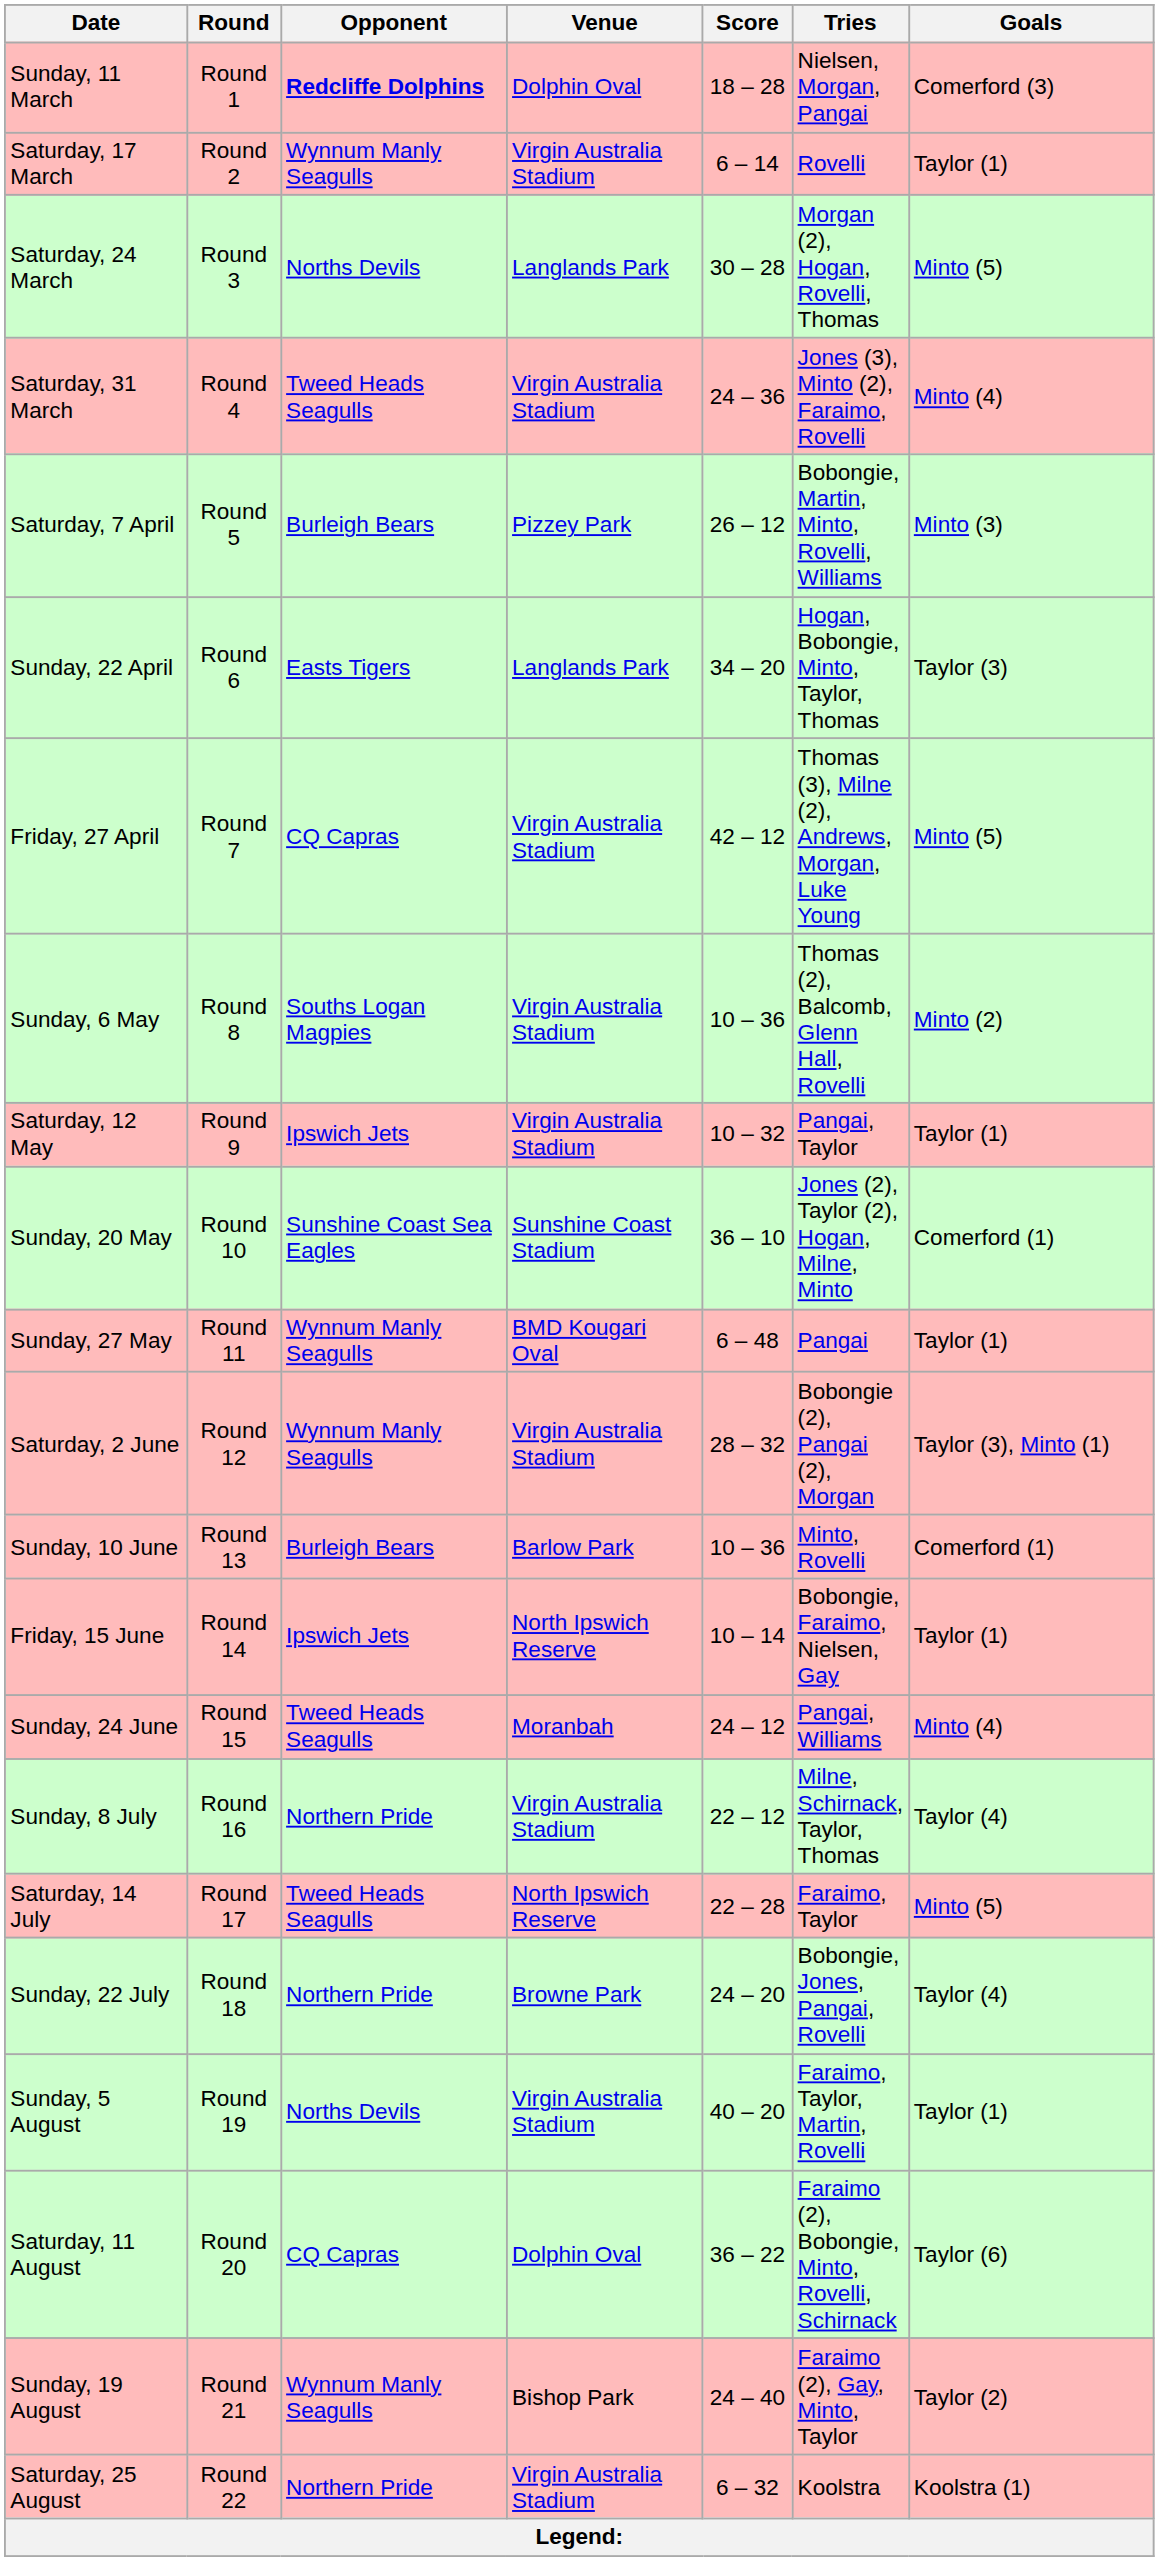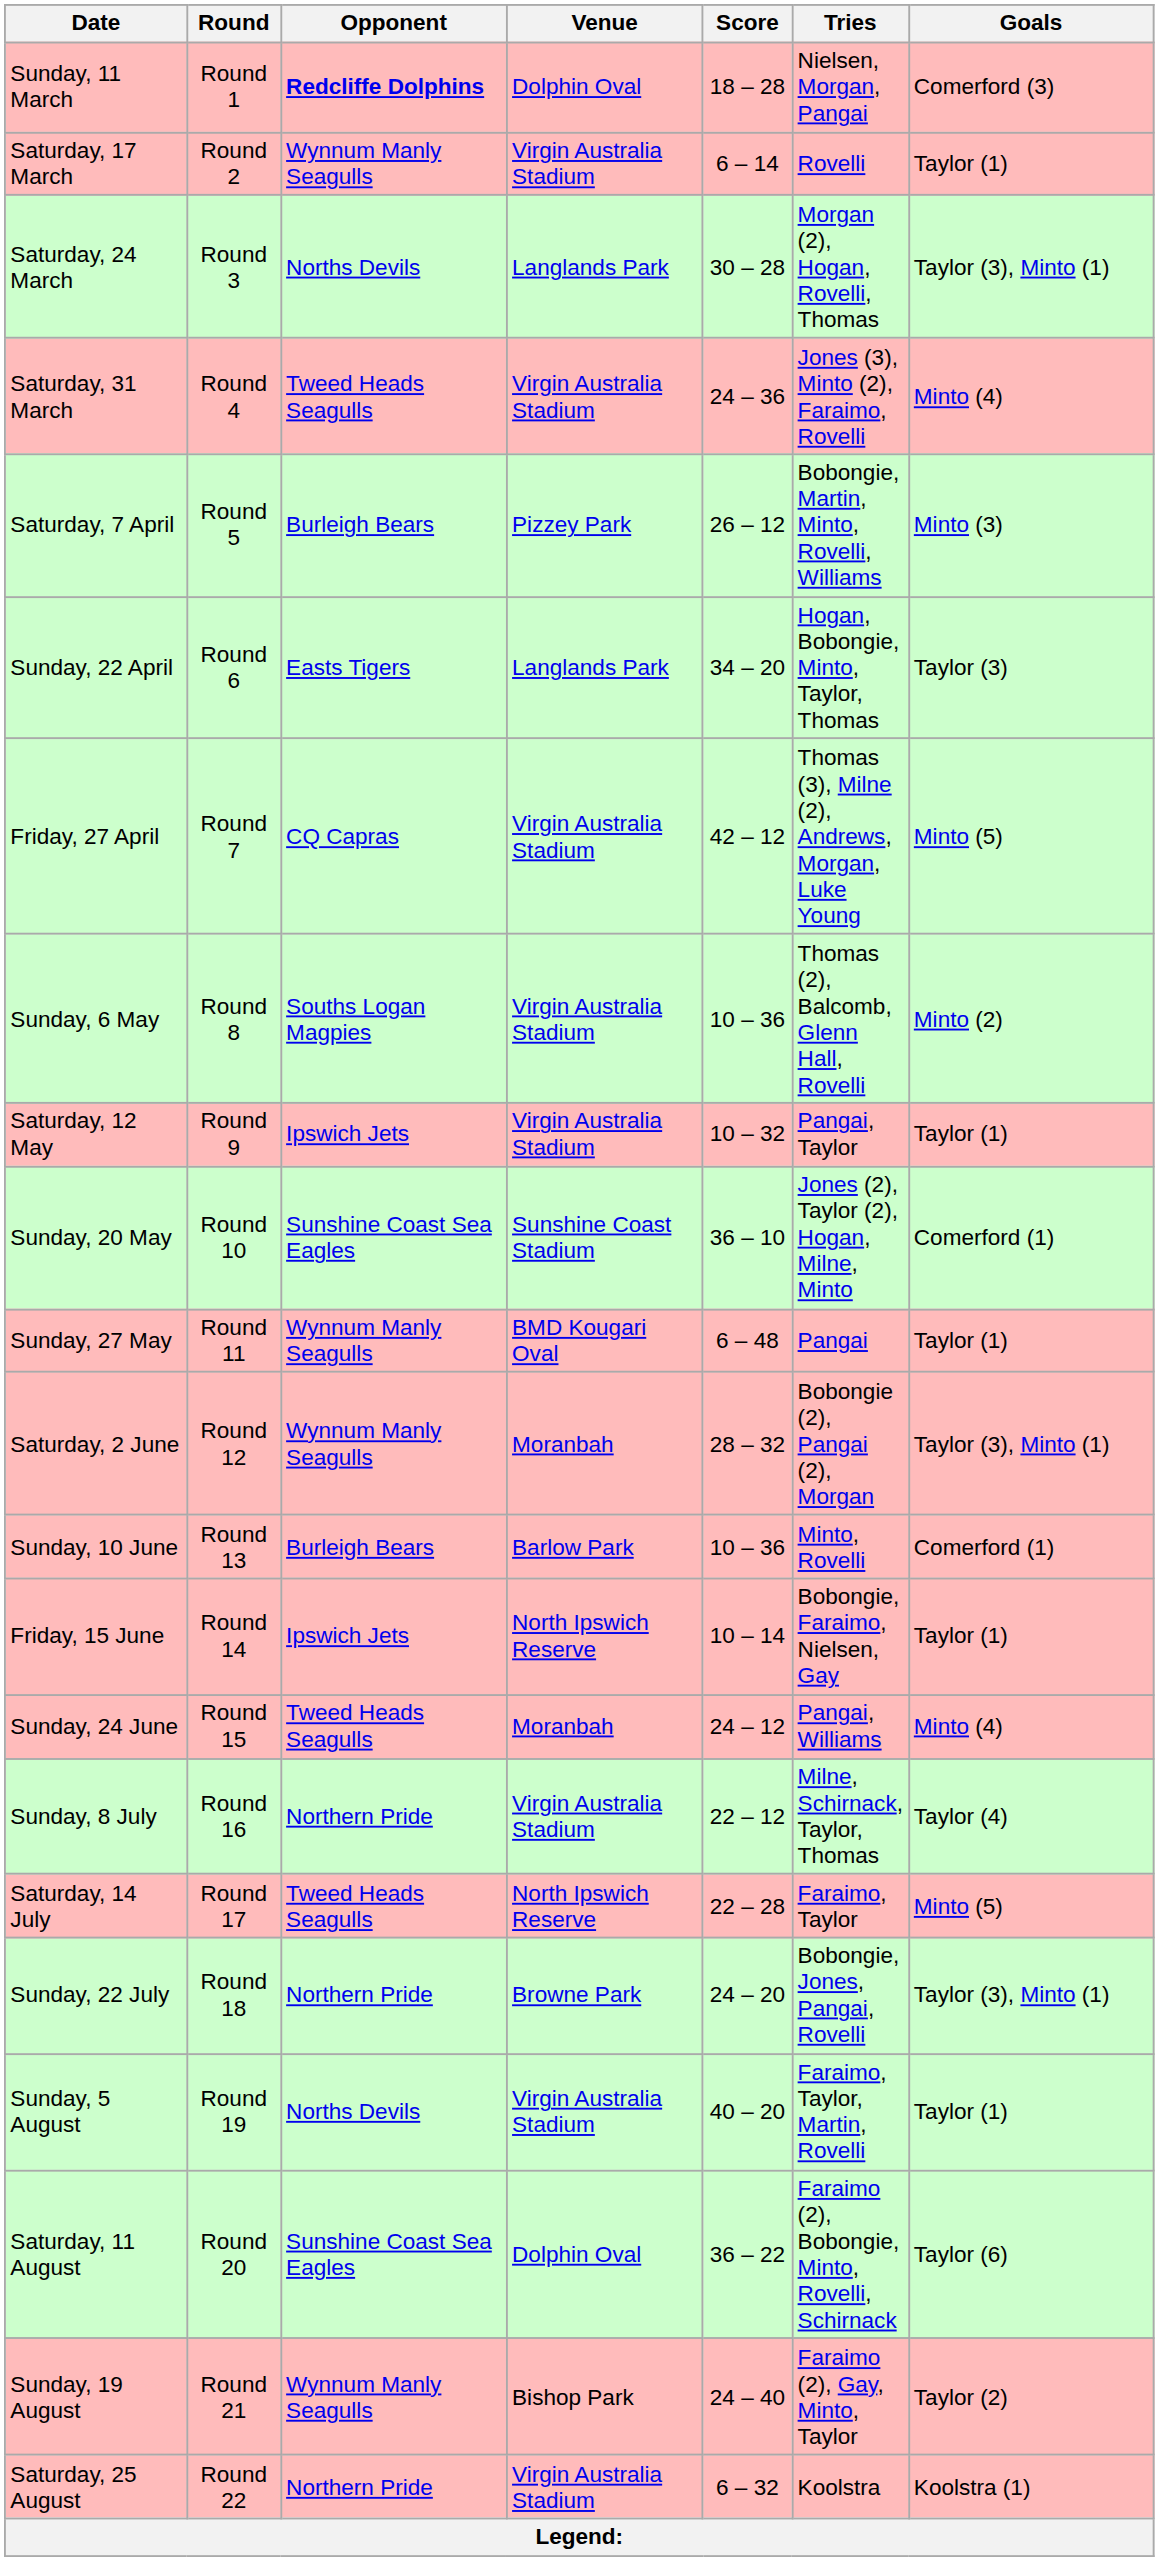 <table class="wikitable" style="font-size:75%;">
 <tr>
 <th style="width:130px;">Date</th>
 <th style="width:50px;">Round</th>
 <th style="width:170px;">Opponent</th>
 <th style="width:140px;">Venue</th>
 <th style="width:50px;">Score</th>
 <th style="width:300x;">Tries</th>
 <th style="width:190px;">Goals</th>
 </tr>
 <tr style="background:#FFBBBB">
 <td>Sunday, 11 March</td>
 <td style="text-align:center;">Round 1</td>
 <td><strong> <a href='#'>Redcliffe Dolphins</a></strong></td>
 <td><a href='#'>Dolphin Oval</a></td>
 <td style="text-align:center;">18 – 28</td>
 <td>Nielsen, <a href='#'>Morgan</a>, <a href='#'>Pangai</a></td>
 <td>Comerford (3)</td>
 </tr>
 <tr style="background:#FFBBBB">
 <td>Saturday, 17 March</td>
 <td style="text-align:center;">Round 2</td>
 <td> <a href='#'>Wynnum Manly Seagulls</a></td>
 <td><a href='#'>Virgin Australia Stadium</a></td>
 <td style="text-align:center;">6 – 14</td>
 <td><a href='#'>Rovelli</a></td>
 <td>Taylor (1)</td>
 </tr>
 <tr style="background:#CCFFCC">
 <td>Saturday, 24 March</td>
 <td style="text-align:center;">Round 3</td>
 <td> <a href='#'>Norths Devils</a></td>
 <td><a href='#'>Langlands Park</a></td>
 <td style="text-align:center;">30 – 28</td>
 <td><a href='#'>Morgan</a> (2), <a href='#'>Hogan</a>, <a href='#'>Rovelli</a>, Thomas</td>
-<td><a href='#'>Minto</a> (5)</td>
+<td>Taylor (3), <a href='#'>Minto</a> (1)</td>
 </tr>
 <tr style="background:#FFBBBB">
 <td>Saturday, 31 March</td>
 <td style="text-align:center;">Round 4</td>
 <td> <a href='#'>Tweed Heads Seagulls</a></td>
 <td><a href='#'>Virgin Australia Stadium</a></td>
 <td style="text-align:center;">24 – 36</td>
 <td><a href='#'>Jones</a> (3), <a href='#'>Minto</a> (2), <a href='#'>Faraimo</a>, <a href='#'>Rovelli</a></td>
 <td><a href='#'>Minto</a> (4)</td>
 </tr>
 <tr style="background:#CCFFCC">
 <td>Saturday, 7 April</td>
 <td style="text-align:center;">Round 5</td>
 <td> <a href='#'>Burleigh Bears</a></td>
 <td><a href='#'>Pizzey Park</a></td>
 <td style="text-align:center;">26 – 12</td>
 <td>Bobongie, <a href='#'>Martin</a>, <a href='#'>Minto</a>, <a href='#'>Rovelli</a>, <a href='#'>Williams</a></td>
 <td><a href='#'>Minto</a> (3)</td>
 </tr>
 <tr style="background:#CCFFCC">
 <td>Sunday, 22 April</td>
 <td style="text-align:center;">Round 6</td>
 <td> <a href='#'>Easts Tigers</a></td>
 <td><a href='#'>Langlands Park</a></td>
 <td style="text-align:center;">34 – 20</td>
 <td><a href='#'>Hogan</a>, Bobongie, <a href='#'>Minto</a>, Taylor, Thomas</td>
 <td>Taylor (3)</td>
 </tr>
 <tr style="background:#CCFFCC">
 <td>Friday, 27 April</td>
 <td style="text-align:center;">Round 7</td>
 <td> <a href='#'>CQ Capras</a></td>
 <td><a href='#'>Virgin Australia Stadium</a></td>
 <td style="text-align:center;">42 – 12</td>
 <td>Thomas (3), <a href='#'>Milne</a> (2), <a href='#'>Andrews</a>, <a href='#'>Morgan</a>, <a href='#'>Luke Young</a></td>
 <td><a href='#'>Minto</a> (5)</td>
 </tr>
 <tr style="background:#CCFFCC">
 <td>Sunday, 6 May</td>
 <td style="text-align:center;">Round 8</td>
 <td> <a href='#'>Souths Logan Magpies</a></td>
 <td><a href='#'>Virgin Australia Stadium</a></td>
 <td style="text-align:center;">10 – 36</td>
 <td>Thomas (2), Balcomb, <a href='#'>Glenn Hall</a>, <a href='#'>Rovelli</a></td>
 <td><a href='#'>Minto</a> (2)</td>
 </tr>
 <tr style="background:#FFBBBB">
 <td>Saturday, 12 May</td>
 <td style="text-align:center;">Round 9</td>
 <td> <a href='#'>Ipswich Jets</a></td>
 <td><a href='#'>Virgin Australia Stadium</a></td>
 <td style="text-align:center;">10 – 32</td>
 <td><a href='#'>Pangai</a>, Taylor</td>
 <td>Taylor (1)</td>
 </tr>
 <tr style="background:#CCFFCC">
 <td>Sunday, 20 May</td>
 <td style="text-align:center;">Round 10</td>
 <td> <a href='#'>Sunshine Coast Sea Eagles</a></td>
 <td><a href='#'>Sunshine Coast Stadium</a></td>
 <td style="text-align:center;">36 – 10</td>
 <td><a href='#'>Jones</a> (2), Taylor (2), <a href='#'>Hogan</a>, <a href='#'>Milne</a>, <a href='#'>Minto</a></td>
 <td>Comerford (1)</td>
 </tr>
 <tr style="background:#FFBBBB">
 <td>Sunday, 27 May</td>
 <td style="text-align:center;">Round 11</td>
 <td> <a href='#'>Wynnum Manly Seagulls</a></td>
 <td><a href='#'>BMD Kougari Oval</a></td>
 <td style="text-align:center;">6 – 48</td>
 <td><a href='#'>Pangai</a></td>
 <td>Taylor (1)</td>
 </tr>
 <tr style="background:#FFBBBB">
 <td>Saturday, 2 June</td>
 <td style="text-align:center;">Round 12</td>
 <td> <a href='#'>Wynnum Manly Seagulls</a></td>
-<td><a href='#'>Virgin Australia Stadium</a></td>
+<td><a href='#'>Moranbah</a></td>
 <td style="text-align:center;">28 – 32</td>
 <td>Bobongie (2), <a href='#'>Pangai</a> (2), <a href='#'>Morgan</a></td>
 <td>Taylor (3), <a href='#'>Minto</a> (1)</td>
 </tr>
 <tr style="background:#FFBBBB">
 <td>Sunday, 10 June</td>
 <td style="text-align:center;">Round 13</td>
 <td> <a href='#'>Burleigh Bears</a></td>
 <td><a href='#'>Barlow Park</a></td>
 <td style="text-align:center;">10 – 36</td>
 <td><a href='#'>Minto</a>, <a href='#'>Rovelli</a></td>
 <td>Comerford (1)</td>
 </tr>
 <tr style="background:#FFBBBB">
 <td>Friday, 15 June</td>
 <td style="text-align:center;">Round 14</td>
 <td> <a href='#'>Ipswich Jets</a></td>
 <td><a href='#'>North Ipswich Reserve</a></td>
 <td style="text-align:center;">10 – 14</td>
 <td>Bobongie, <a href='#'>Faraimo</a>, Nielsen, <a href='#'>Gay</a></td>
 <td>Taylor (1)</td>
 </tr>
 <tr style="background:#FFBBBB">
 <td>Sunday, 24 June</td>
 <td style="text-align:center;">Round 15</td>
 <td> <a href='#'>Tweed Heads Seagulls</a></td>
 <td><a href='#'>Moranbah</a></td>
 <td style="text-align:center;">24 – 12</td>
 <td><a href='#'>Pangai</a>, <a href='#'>Williams</a></td>
 <td><a href='#'>Minto</a> (4)</td>
 </tr>
 <tr style="background:#CCFFCC">
 <td>Sunday, 8 July</td>
 <td style="text-align:center;">Round 16</td>
 <td> <a href='#'>Northern Pride</a></td>
 <td><a href='#'>Virgin Australia Stadium</a></td>
 <td style="text-align:center;">22 – 12</td>
 <td><a href='#'>Milne</a>, <a href='#'>Schirnack</a>, Taylor, Thomas</td>
 <td>Taylor (4)</td>
 </tr>
 <tr style="background:#FFBBBB">
 <td>Saturday, 14 July</td>
 <td style="text-align:center;">Round 17</td>
 <td> <a href='#'>Tweed Heads Seagulls</a></td>
 <td><a href='#'>North Ipswich Reserve</a></td>
 <td style="text-align:center;">22 – 28</td>
 <td><a href='#'>Faraimo</a>, Taylor</td>
 <td><a href='#'>Minto</a> (5)</td>
 </tr>
 <tr style="background:#CCFFCC">
 <td>Sunday, 22 July</td>
 <td style="text-align:center;">Round 18</td>
 <td> <a href='#'>Northern Pride</a></td>
 <td><a href='#'>Browne Park</a></td>
 <td style="text-align:center;">24 – 20</td>
 <td>Bobongie, <a href='#'>Jones</a>, <a href='#'>Pangai</a>, <a href='#'>Rovelli</a></td>
-<td>Taylor (4)</td>
+<td>Taylor (3), <a href='#'>Minto</a> (1)</td>
 </tr>
 <tr style="background:#CCFFCC">
 <td>Sunday, 5 August</td>
 <td style="text-align:center;">Round 19</td>
 <td> <a href='#'>Norths Devils</a></td>
 <td><a href='#'>Virgin Australia Stadium</a></td>
 <td style="text-align:center;">40 – 20</td>
 <td><a href='#'>Faraimo</a>, Taylor, <a href='#'>Martin</a>, <a href='#'>Rovelli</a></td>
 <td>Taylor (1)</td>
 </tr>
 <tr style="background:#CCFFCC">
 <td>Saturday, 11 August</td>
 <td style="text-align:center;">Round 20</td>
-<td> <a href='#'>CQ Capras</a></td>
+<td> <a href='#'>Sunshine Coast Sea Eagles</a></td>
 <td><a href='#'>Dolphin Oval</a></td>
 <td style="text-align:center;">36 – 22</td>
 <td><a href='#'>Faraimo</a> (2), Bobongie, <a href='#'>Minto</a>, <a href='#'>Rovelli</a>, <a href='#'>Schirnack</a></td>
 <td>Taylor (6)</td>
 </tr>
 <tr style="background:#FFBBBB">
 <td>Sunday, 19 August</td>
 <td style="text-align:center;">Round 21</td>
 <td> <a href='#'>Wynnum Manly Seagulls</a></td>
 <td>Bishop Park</td>
 <td style="text-align:center;">24 – 40</td>
 <td><a href='#'>Faraimo</a> (2), <a href='#'>Gay</a>, <a href='#'>Minto</a>, Taylor</td>
 <td>Taylor (2)</td>
 </tr>
 <tr style="background:#FFBBBB">
 <td>Saturday, 25 August</td>
 <td style="text-align:center;">Round 22</td>
 <td> <a href='#'>Northern Pride</a></td>
 <td><a href='#'>Virgin Australia Stadium</a></td>
 <td style="text-align:center;">6 – 32</td>
 <td>Koolstra</td>
 <td>Koolstra (1)</td>
 </tr>
 <tr>
 <th colspan="11"><strong>Legend</strong>:    </th>
 </tr>
 </table>
